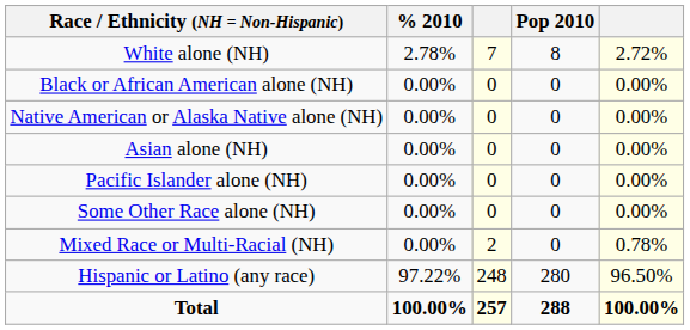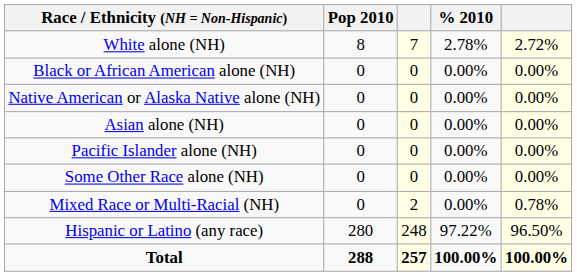 <table class="wikitable" style="text-align:center;">
 <tr>
 <th>Race / Ethnicity <small>(<em>NH = Non-Hispanic</em>)</small></th>
+<th>Pop 2010</th>
+<th></th>
 <th>% 2010</th>
-<th></th>
-<th>Pop 2010</th>
 <th></th>
 </tr>
 <tr>
 <td><a href='#'>White</a> alone (NH)</td>
+<td>8</td>
+<td style='background: #ffffe6;'>7</td>
 <td>2.78%</td>
-<td style='background: #ffffe6;'>7</td>
-<td>8</td>
 <td style='background: #ffffe6;'>2.72%</td>
 </tr>
 <tr>
 <td><a href='#'>Black or African American</a> alone (NH)</td>
+<td>0</td>
+<td style='background: #ffffe6;'>0</td>
 <td>0.00%</td>
-<td style='background: #ffffe6;'>0</td>
-<td>0</td>
 <td style='background: #ffffe6;'>0.00%</td>
 </tr>
 <tr>
 <td><a href='#'>Native American</a> or <a href='#'>Alaska Native</a> alone (NH)</td>
+<td>0</td>
+<td style='background: #ffffe6;'>0</td>
 <td>0.00%</td>
-<td style='background: #ffffe6;'>0</td>
-<td>0</td>
 <td style='background: #ffffe6;'>0.00%</td>
 </tr>
 <tr>
 <td><a href='#'>Asian</a> alone (NH)</td>
+<td>0</td>
+<td style='background: #ffffe6;'>0</td>
 <td>0.00%</td>
-<td style='background: #ffffe6;'>0</td>
-<td>0</td>
 <td style='background: #ffffe6;'>0.00%</td>
 </tr>
 <tr>
 <td><a href='#'>Pacific Islander</a> alone (NH)</td>
+<td>0</td>
+<td style='background: #ffffe6;'>0</td>
 <td>0.00%</td>
-<td style='background: #ffffe6;'>0</td>
-<td>0</td>
 <td style='background: #ffffe6;'>0.00%</td>
 </tr>
 <tr>
 <td><a href='#'>Some Other Race</a> alone (NH)</td>
+<td>0</td>
+<td style='background: #ffffe6;'>0</td>
 <td>0.00%</td>
-<td style='background: #ffffe6;'>0</td>
-<td>0</td>
 <td style='background: #ffffe6;'>0.00%</td>
 </tr>
 <tr>
 <td><a href='#'>Mixed Race or Multi-Racial</a> (NH)</td>
+<td>0</td>
+<td style='background: #ffffe6;'>2</td>
 <td>0.00%</td>
-<td style='background: #ffffe6;'>2</td>
-<td>0</td>
 <td style='background: #ffffe6;'>0.78%</td>
 </tr>
 <tr>
 <td><a href='#'>Hispanic or Latino</a> (any race)</td>
+<td>280</td>
+<td style='background: #ffffe6;'>248</td>
 <td>97.22%</td>
-<td style='background: #ffffe6;'>248</td>
-<td>280</td>
 <td style='background: #ffffe6;'>96.50%</td>
 </tr>
 <tr>
 <td><strong>Total</strong></td>
+<td><strong>288</strong></td>
+<td style='background: #ffffe6;'><strong>257</strong></td>
 <td><strong>100.00%</strong></td>
-<td style='background: #ffffe6;'><strong>257</strong></td>
-<td><strong>288</strong></td>
 <td style='background: #ffffe6;'><strong>100.00%</strong></td>
 </tr>
 </table>
